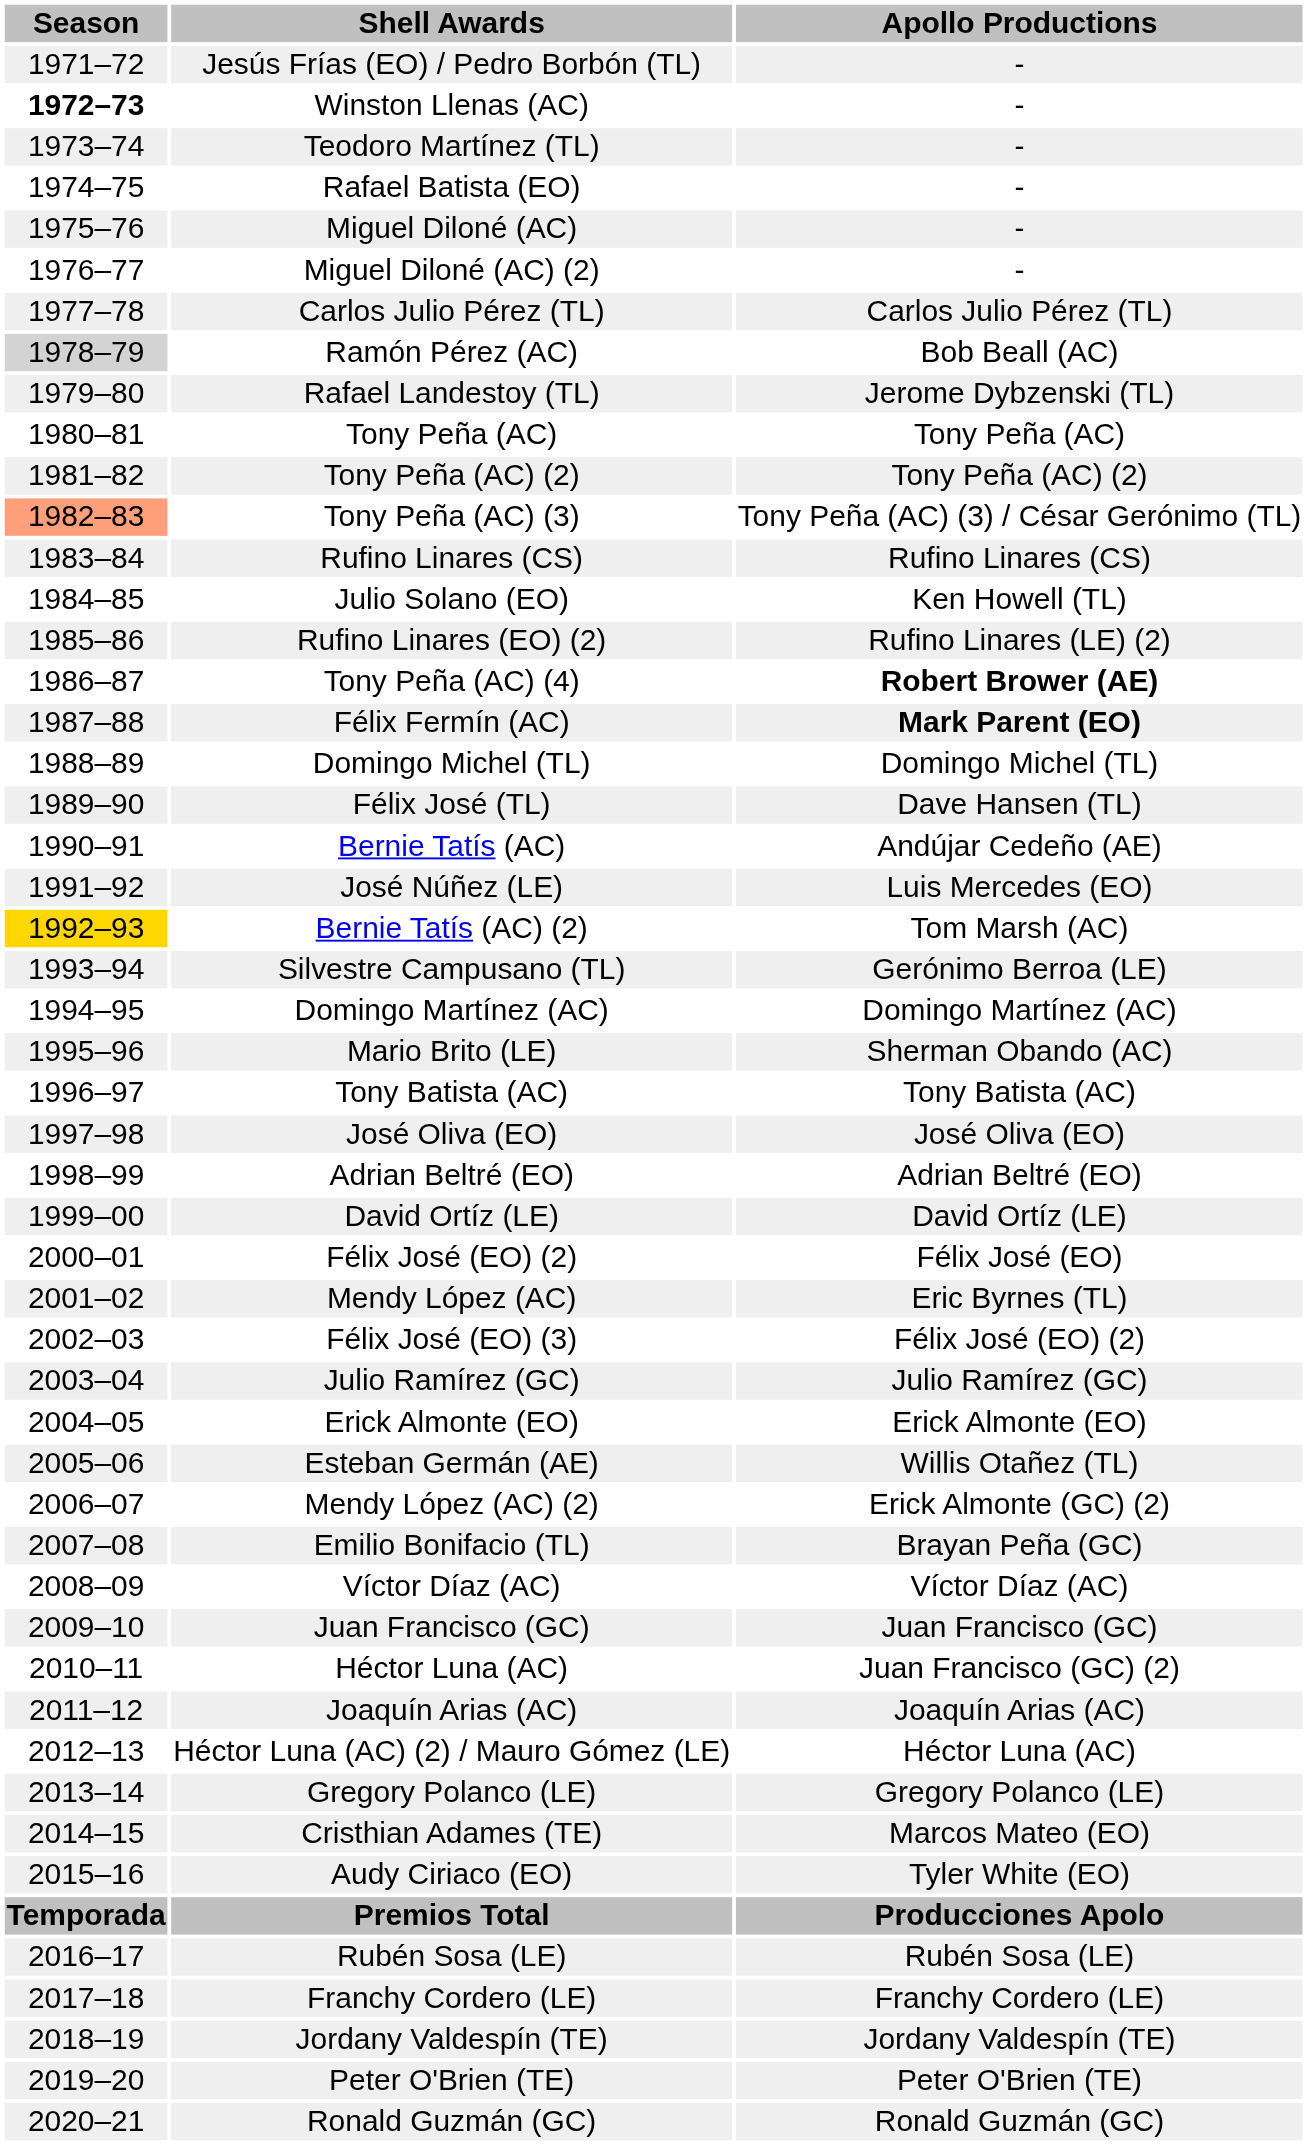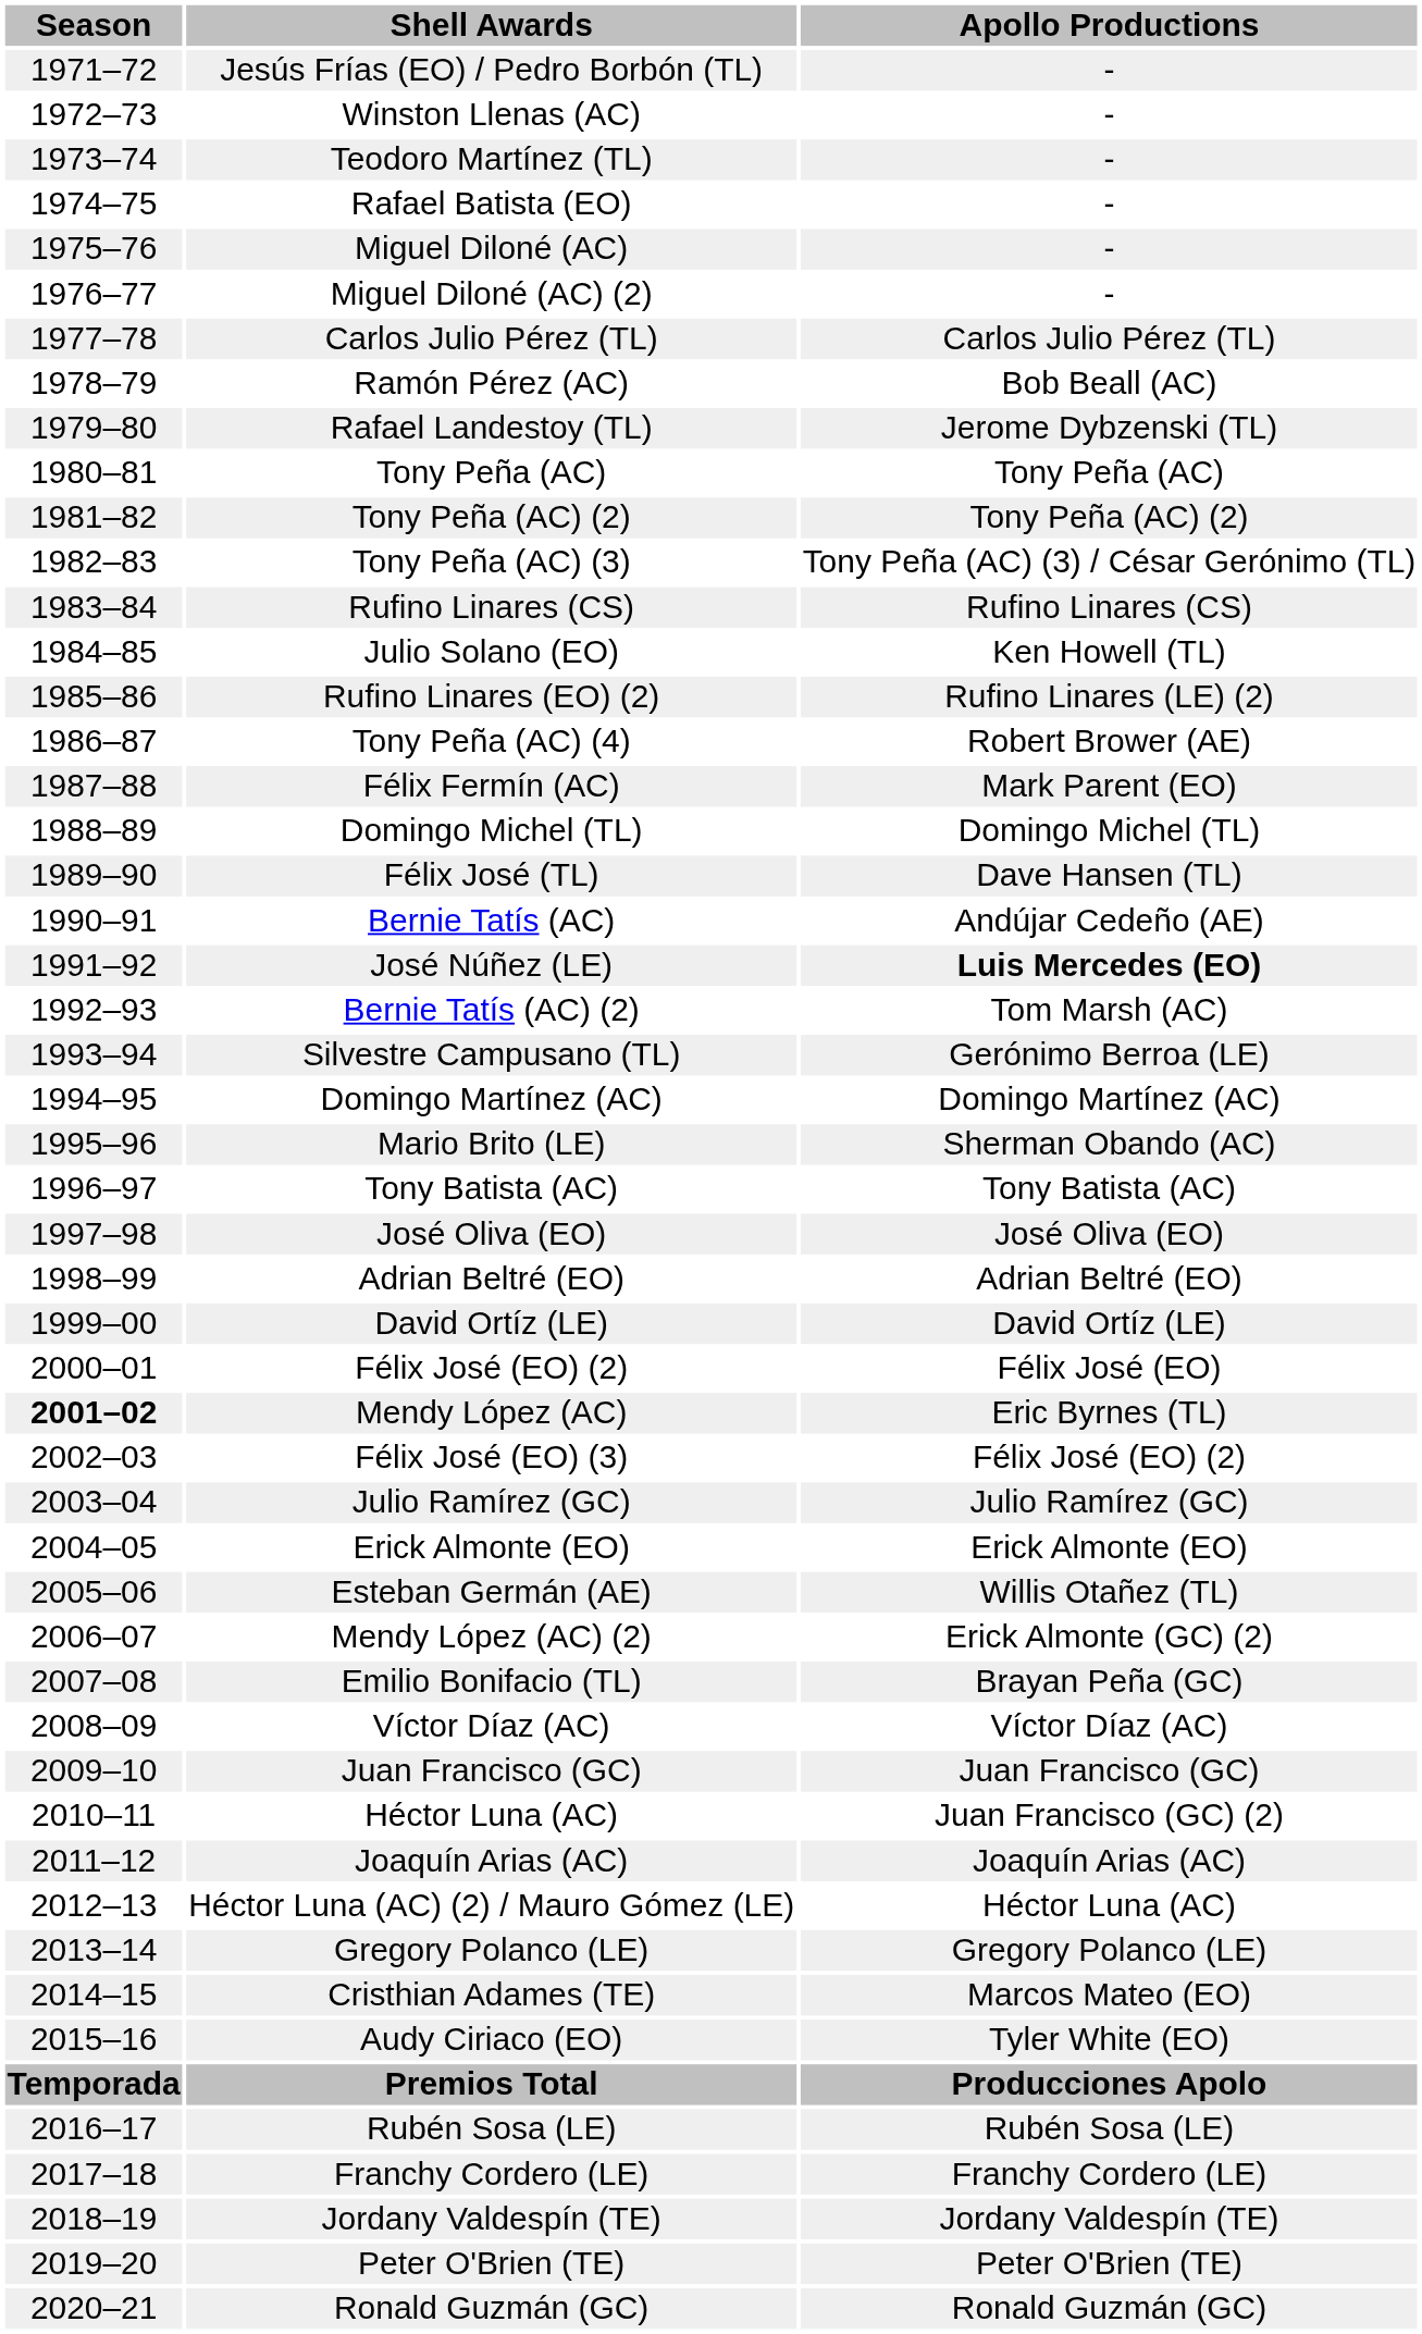 <table class="toccolours">
 <tr>
 <th bgcolor=silver>Season</th>
 <th bgcolor=silver>Shell Awards</th>
 <th bgcolor=silver>Apollo Productions</th>
 </tr>
 <tr align=center  bgcolor=#EFEFEF>
 <td>1971–72</td>
 <td>Jesús Frías (EO) / Pedro Borbón (TL)</td>
 <td>-</td>
 </tr>
 <tr align=center>
-<td><strong>1972–73</strong></td>
+<td>1972–73</td>
 <td>Winston Llenas (AC)</td>
 <td>-</td>
 </tr>
 <tr align=center  bgcolor=#EFEFEF>
 <td>1973–74</td>
 <td>Teodoro Martínez (TL)</td>
 <td>-</td>
 </tr>
 <tr align=center>
 <td>1974–75</td>
 <td>Rafael Batista (EO)</td>
 <td>-</td>
 </tr>
 <tr align=center  bgcolor=#EFEFEF>
 <td>1975–76</td>
 <td>Miguel Diloné (AC)</td>
 <td>-</td>
 </tr>
 <tr align=center>
 <td>1976–77</td>
 <td>Miguel Diloné (AC) (2)</td>
 <td>-</td>
 </tr>
 <tr align=center  bgcolor=#EFEFEF>
 <td>1977–78</td>
 <td>Carlos Julio Pérez (TL)</td>
 <td>Carlos Julio Pérez (TL)</td>
 </tr>
 <tr align=center>
-<td style="background: lightgrey;">1978–79</td>
+<td>1978–79</td>
 <td>Ramón Pérez (AC)</td>
 <td>Bob Beall (AC)</td>
 </tr>
 <tr align=center  bgcolor=#EFEFEF>
 <td>1979–80</td>
 <td>Rafael Landestoy (TL)</td>
 <td>Jerome Dybzenski (TL)</td>
 </tr>
 <tr align=center>
 <td>1980–81</td>
 <td>Tony Peña (AC)</td>
 <td>Tony Peña (AC)</td>
 </tr>
 <tr align=center  bgcolor=#EFEFEF>
 <td>1981–82</td>
 <td>Tony Peña (AC) (2)</td>
 <td>Tony Peña (AC) (2)</td>
 </tr>
 <tr align=center>
-<td style="background: lightsalmon;">1982–83</td>
+<td>1982–83</td>
 <td>Tony Peña (AC) (3)</td>
 <td>Tony Peña (AC) (3) / César Gerónimo (TL)</td>
 </tr>
 <tr align=center  bgcolor=#EFEFEF>
 <td>1983–84</td>
 <td>Rufino Linares (CS)</td>
 <td>Rufino Linares (CS)</td>
 </tr>
 <tr align=center>
 <td>1984–85</td>
 <td>Julio Solano (EO)</td>
 <td>Ken Howell (TL)</td>
 </tr>
 <tr align=center  bgcolor=#EFEFEF>
 <td>1985–86</td>
 <td>Rufino Linares (EO) (2)</td>
 <td>Rufino Linares (LE) (2)</td>
 </tr>
 <tr align=center>
 <td>1986–87</td>
 <td>Tony Peña (AC) (4)</td>
-<td><strong>Robert Brower (AE)</strong></td>
+<td>Robert Brower (AE)</td>
 </tr>
 <tr align=center  bgcolor=#EFEFEF>
 <td>1987–88</td>
 <td>Félix Fermín (AC)</td>
-<td><strong>Mark Parent (EO)</strong></td>
+<td>Mark Parent (EO)</td>
 </tr>
 <tr align=center>
 <td>1988–89</td>
 <td>Domingo Michel (TL)</td>
 <td>Domingo Michel (TL)</td>
 </tr>
 <tr align=center  bgcolor=#EFEFEF>
 <td>1989–90</td>
 <td>Félix José (TL)</td>
 <td>Dave Hansen (TL)</td>
 </tr>
 <tr align=center>
 <td>1990–91</td>
 <td><a href='#'>Bernie Tatís</a> (AC)</td>
 <td>Andújar Cedeño (AE)</td>
 </tr>
 <tr align=center  bgcolor=#EFEFEF>
 <td>1991–92</td>
 <td>José Núñez (LE)</td>
-<td>Luis Mercedes (EO)</td>
+<td><strong>Luis Mercedes (EO)</strong></td>
 </tr>
 <tr align=center>
-<td style="background: gold;">1992–93</td>
+<td>1992–93</td>
 <td><a href='#'>Bernie Tatís</a> (AC) (2)</td>
 <td>Tom Marsh (AC)</td>
 </tr>
 <tr align=center  bgcolor=#EFEFEF>
 <td>1993–94</td>
 <td>Silvestre Campusano (TL)</td>
 <td>Gerónimo Berroa (LE)</td>
 </tr>
 <tr align=center>
 <td>1994–95</td>
 <td>Domingo Martínez (AC)</td>
 <td>Domingo Martínez (AC)</td>
 </tr>
 <tr align=center  bgcolor=#EFEFEF>
 <td>1995–96</td>
 <td>Mario Brito (LE)</td>
 <td>Sherman Obando (AC)</td>
 </tr>
 <tr align=center>
 <td>1996–97</td>
 <td>Tony Batista (AC)</td>
 <td>Tony Batista (AC)</td>
 </tr>
 <tr align=center  bgcolor=#EFEFEF>
 <td>1997–98</td>
 <td>José Oliva (EO)</td>
 <td>José Oliva (EO)</td>
 </tr>
 <tr align=center>
 <td>1998–99</td>
 <td>Adrian Beltré (EO)</td>
 <td>Adrian Beltré (EO)</td>
 </tr>
 <tr align=center  bgcolor=#EFEFEF>
 <td>1999–00</td>
 <td>David Ortíz (LE)</td>
 <td>David Ortíz (LE)</td>
 </tr>
 <tr align=center>
 <td>2000–01</td>
 <td>Félix José (EO) (2)</td>
 <td>Félix José (EO)</td>
 </tr>
 <tr align=center  bgcolor=#EFEFEF>
-<td>2001–02</td>
+<td><strong>2001–02</strong></td>
 <td>Mendy López (AC)</td>
 <td>Eric Byrnes (TL)</td>
 </tr>
 <tr align=center>
 <td>2002–03</td>
 <td>Félix José (EO) (3)</td>
 <td>Félix José (EO) (2)</td>
 </tr>
 <tr align=center  bgcolor=#EFEFEF>
 <td>2003–04</td>
 <td>Julio Ramírez (GC)</td>
 <td>Julio Ramírez (GC)</td>
 </tr>
 <tr align=center>
 <td>2004–05</td>
 <td>Erick Almonte (EO)</td>
 <td>Erick Almonte (EO)</td>
 </tr>
 <tr align=center  bgcolor=#EFEFEF>
 <td>2005–06</td>
 <td>Esteban Germán (AE)</td>
 <td>Willis Otañez (TL)</td>
 </tr>
 <tr align=center>
 <td>2006–07</td>
 <td>Mendy López (AC) (2)</td>
 <td>Erick Almonte (GC) (2)</td>
 </tr>
 <tr align=center  bgcolor=#EFEFEF>
 <td>2007–08</td>
 <td>Emilio Bonifacio (TL)</td>
 <td>Brayan Peña (GC)</td>
 </tr>
 <tr align=center>
 <td>2008–09</td>
 <td>Víctor Díaz (AC)</td>
 <td>Víctor Díaz (AC)</td>
 </tr>
 <tr align=center  bgcolor=#EFEFEF>
 <td>2009–10</td>
 <td>Juan Francisco (GC)</td>
 <td>Juan Francisco (GC)</td>
 </tr>
 <tr align=center>
 <td>2010–11</td>
 <td>Héctor Luna (AC)</td>
 <td>Juan Francisco (GC) (2)</td>
 </tr>
 <tr align=center  bgcolor=#EFEFEF>
 <td>2011–12</td>
 <td>Joaquín Arias (AC)</td>
 <td>Joaquín Arias (AC)</td>
 </tr>
 <tr align=center>
 <td>2012–13</td>
 <td>Héctor Luna (AC) (2) / Mauro Gómez (LE)</td>
 <td>Héctor Luna (AC)</td>
 </tr>
 <tr align=center  bgcolor=#EFEFEF>
 <td>2013–14</td>
 <td>Gregory Polanco (LE)</td>
 <td>Gregory Polanco (LE)</td>
 </tr>
 <tr align=center  bgcolor=#EFEFEF>
 <td>2014–15</td>
 <td>Cristhian Adames (TE)</td>
 <td>Marcos Mateo (EO)</td>
 </tr>
 <tr align=center  bgcolor=#EFEFEF>
 <td>2015–16</td>
 <td>Audy Ciriaco (EO)</td>
 <td>Tyler White (EO)</td>
 </tr>
 <tr>
 <th bgcolor=silver>Temporada</th>
 <th bgcolor=silver>Premios Total</th>
 <th bgcolor=silver>Producciones Apolo</th>
 </tr>
 <tr align=center  bgcolor=#EFEFEF>
 <td>2016–17</td>
 <td>Rubén Sosa (LE)</td>
 <td>Rubén Sosa (LE)</td>
 </tr>
 <tr align=center  bgcolor=#EFEFEF>
 <td>2017–18</td>
 <td>Franchy Cordero (LE)</td>
 <td>Franchy Cordero (LE)</td>
 </tr>
 <tr align=center  bgcolor=#EFEFEF>
 <td>2018–19</td>
 <td>Jordany Valdespín (TE)</td>
 <td>Jordany Valdespín (TE)</td>
 </tr>
 <tr align=center  bgcolor=#EFEFEF>
 <td>2019–20</td>
 <td>Peter O'Brien (TE)</td>
 <td>Peter O'Brien (TE)</td>
 </tr>
 <tr align=center  bgcolor=#EFEFEF>
 <td>2020–21</td>
 <td>Ronald Guzmán (GC)</td>
 <td>Ronald Guzmán (GC)</td>
 </tr>
 <tr align=center  bgcolor=#EFEFEF>
 </tr>
 </table>
